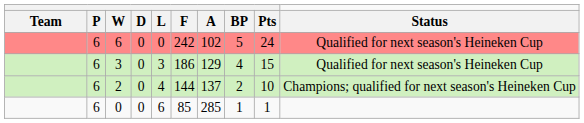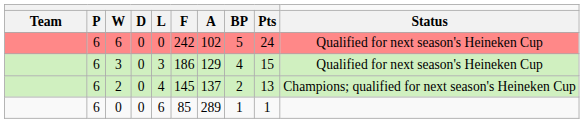 <table class="wikitable" style="text-align:center;">
 <tr>
 <th colspan="9" width="317px"></th>
 </tr>
 <tr>
 <th width="90px">Team</th>
 <th>P</th>
 <th>W</th>
 <th>D</th>
 <th>L</th>
 <th width="23px">F</th>
 <th width="23px">A</th>
 <th>BP</th>
 <th width="23px">Pts</th>
 <th>Status</th>
 </tr>
 <tr bgcolor="#FF8888">
 <td></td>
 <td>6</td>
 <td>6</td>
 <td>0</td>
 <td>0</td>
 <td>242</td>
 <td>102</td>
 <td>5</td>
 <td>24</td>
 <td>Qualified for next season's Heineken Cup</td>
 </tr>
 <tr bgcolor="#D0F0C0">
 <td></td>
 <td>6</td>
 <td>3</td>
 <td>0</td>
 <td>3</td>
 <td>186</td>
 <td>129</td>
 <td>4</td>
 <td>15</td>
 <td>Qualified for next season's Heineken Cup</td>
 </tr>
 <tr bgcolor="#D0F0C0">
 <td></td>
 <td>6</td>
 <td>2</td>
 <td>0</td>
 <td>4</td>
-<td>144</td>
+<td>145</td>
 <td>137</td>
 <td>2</td>
-<td>10</td>
+<td>13</td>
 <td>Champions; qualified for next season's Heineken Cup</td>
 </tr>
 <tr>
 <td></td>
 <td>6</td>
 <td>0</td>
 <td>0</td>
 <td>6</td>
 <td>85</td>
-<td>285</td>
+<td>289</td>
 <td>1</td>
 <td>1</td>
 <td></td>
 </tr>
 </table>
